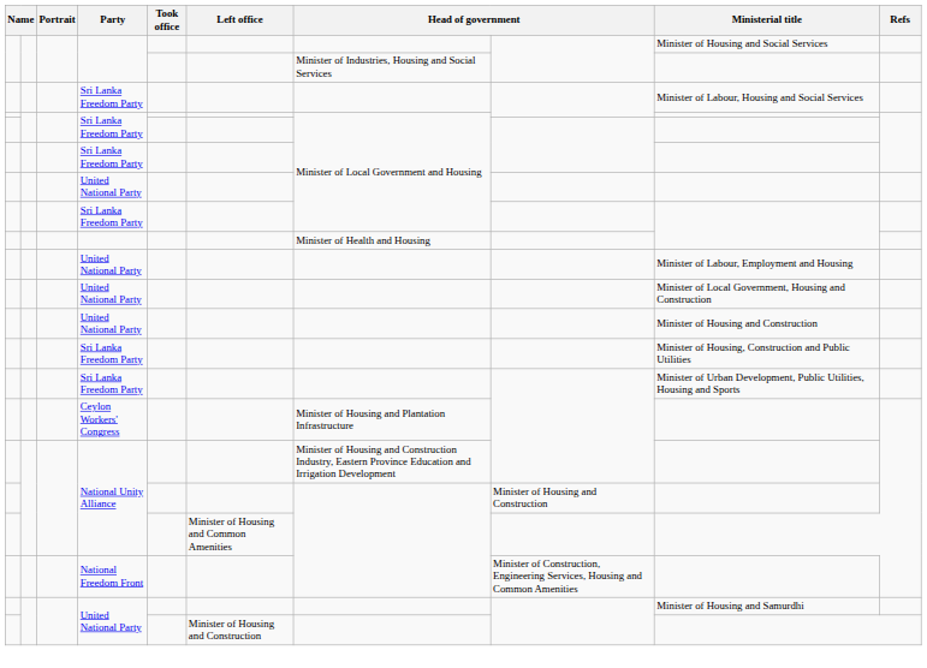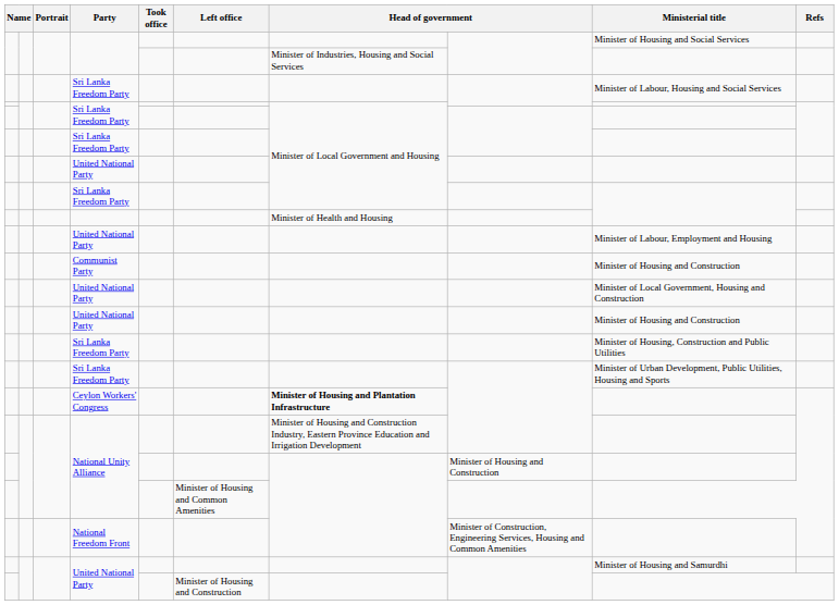 <table class="wikitable plainrowheaders sortable" style="font-size:90%; text-align:left;">
 <tr>
 <th scope=col colspan="2">Name</th>
 <th scope=col class=unsortable>Portrait</th>
 <th scope=col>Party</th>
 <th scope=col>Took office</th>
 <th scope=col>Left office</th>
 <th scope=col colspan="2">Head of government</th>
 <th scope=col width=300px>Ministerial title</th>
 <th scope=col width=50px class=unsortable>Refs</th>
 </tr>
 <tr>
 <td rowspan=2></td>
 <td rowspan=2></td>
 <td rowspan=2></td>
 <td rowspan=2></td>
 <td align=center></td>
 <td align=center></td>
 <td !align="center" style="background:"></td>
 <td rowspan=2></td>
 <td>Minister of Housing and Social Services</td>
 <td align=center></td>
 </tr>
 <tr>
 <td align=center></td>
 <td></td>
 <td>Minister of Industries, Housing and Social Services</td>
 <td align=center></td>
 </tr>
 <tr>
 <td !align="center" style="background:"></td>
 <td></td>
 <td></td>
 <td><a href='#'>Sri Lanka Freedom Party</a></td>
 <td align=center></td>
 <td></td>
 <td !align="center" style="background:"></td>
 <td rowspan=2></td>
 <td>Minister of Labour, Housing and Social Services</td>
 <td align=center></td>
 </tr>
 <tr>
 <td !align="center" style="background:"></td>
 <td rowspan=2></td>
 <td rowspan=2></td>
 <td rowspan=2><a href='#'>Sri Lanka Freedom Party</a></td>
 <td align=center></td>
 <td></td>
 <td rowspan=5>Minister of Local Government and Housing</td>
 <td align=center></td>
 </tr>
 <tr>
 <td></td>
 <td align=center></td>
 <td !align="center" style="background:"></td>
 <td rowspan=2></td>
 <td></td>
 </tr>
 <tr>
 <td !align="center" style="background:"></td>
 <td></td>
 <td></td>
 <td><a href='#'>Sri Lanka Freedom Party</a></td>
 <td></td>
 <td></td>
 <td align=center></td>
 </tr>
 <tr>
 <td !align="center" style="background:"></td>
 <td></td>
 <td align=center></td>
 <td><a href='#'>United National Party</a></td>
 <td align=center></td>
 <td align=center></td>
 <td !align="center" style="background:"></td>
 <td></td>
 <td align=center></td>
 </tr>
 <tr>
 <td !align="center" style="background:"></td>
 <td></td>
 <td></td>
 <td><a href='#'>Sri Lanka Freedom Party</a></td>
 <td align=center></td>
 <td align=center></td>
 <td !align="center" style="background:"></td>
 <td rowspan=2></td>
 <td align=center></td>
 </tr>
 <tr>
 <td></td>
 <td></td>
 <td></td>
 <td></td>
 <td align=center></td>
 <td></td>
 <td>Minister of Health and Housing</td>
 <td align=center></td>
 </tr>
 <tr>
 <td !align="center" style="background:"></td>
 <td></td>
 <td></td>
 <td><a href='#'>United National Party</a></td>
 <td align=center></td>
 <td></td>
 <td !align="center" style="background:"></td>
 <td></td>
 <td>Minister of Labour, Employment and Housing</td>
 <td align=center></td>
 </tr>
 <tr>
 <td !align="center" style="background:"></td>
 <td></td>
 <td></td>
+<td><a href='#'>Communist Party</a></td>
+<td align=center></td>
+<td align=center></td>
+<td !align="center" style="background:"></td>
+<td></td>
+<td>Minister of Housing and Construction</td>
+<td align=center></td>
+</tr>
+<tr>
+<td !align="center" style="background:"></td>
+<td></td>
+<td></td>
 <td><a href='#'>United National Party</a></td>
 <td align=center></td>
 <td></td>
 <td !align="center" style="background:"></td>
 <td></td>
 <td>Minister of Local Government, Housing and Construction</td>
 <td align=center></td>
 </tr>
 <tr>
 <td !align="center" style="background:"></td>
 <td></td>
 <td></td>
 <td><a href='#'>United National Party</a></td>
 <td align=center></td>
 <td></td>
 <td !align="center" style="background:"></td>
 <td></td>
 <td>Minister of Housing and Construction</td>
 <td align=center></td>
 </tr>
 <tr>
 <td !align="center" style="background:"></td>
 <td></td>
 <td></td>
 <td><a href='#'>Sri Lanka Freedom Party</a></td>
 <td align=center></td>
 <td align=center></td>
 <td !align="center" style="background:"></td>
 <td></td>
 <td>Minister of Housing, Construction and Public Utilities</td>
 <td align=center></td>
 </tr>
 <tr>
 <td !align="center" style="background:"></td>
 <td></td>
 <td align=center></td>
 <td><a href='#'>Sri Lanka Freedom Party</a></td>
 <td align=center></td>
 <td></td>
 <td !align="center" style="background:"></td>
 <td rowspan=3></td>
 <td>Minister of Urban Development, Public Utilities, Housing and Sports</td>
 <td align=center></td>
 </tr>
 <tr>
 <td !align="center" style="background:"></td>
 <td></td>
 <td></td>
 <td><a href='#'>Ceylon Workers' Congress</a></td>
 <td align=center></td>
 <td></td>
-<td>Minister of Housing and Plantation Infrastructure</td>
+<td><strong>Minister of Housing and Plantation Infrastructure</strong></td>
 <td align=center></td>
 </tr>
 <tr>
 <td !align="center" style="background:"></td>
 <td rowspan=3></td>
 <td align=center rowspan=3></td>
 <td rowspan=3><a href='#'>National Unity Alliance</a></td>
 <td align=center></td>
 <td></td>
 <td>Minister of Housing and Construction Industry, Eastern Province Education and Irrigation Development</td>
 <td align=center></td>
 </tr>
 <tr>
 <td align=center></td>
 <td></td>
 <td !align="center" style="background:"></td>
 <td rowspan=3></td>
 <td>Minister of Housing and Construction</td>
 <td align=center></td>
 </tr>
 <tr>
 <td align=center></td>
 <td></td>
 <td>Minister of Housing and Common Amenities</td>
 <td align=center></td>
 </tr>
 <tr>
 <td !align="center" style="background:"></td>
 <td></td>
 <td align=center></td>
 <td><a href='#'>National Freedom Front</a></td>
 <td align=center></td>
 <td></td>
 <td>Minister of Construction, Engineering Services, Housing and Common Amenities</td>
 <td align=center></td>
 </tr>
 <tr>
 <td !align="center" style="background:"></td>
 <td rowspan=2></td>
 <td align=center rowspan=2></td>
 <td rowspan=2><a href='#'>United National Party</a></td>
 <td align=center></td>
 <td align=center></td>
 <td !align="center" style="background:"></td>
 <td rowspan=2></td>
 <td>Minister of Housing and Samurdhi</td>
 <td align=center></td>
 </tr>
 <tr>
 <td align=center></td>
 <td></td>
 <td>Minister of Housing and Construction</td>
 <td align=center></td>
 </tr>
 </table>
